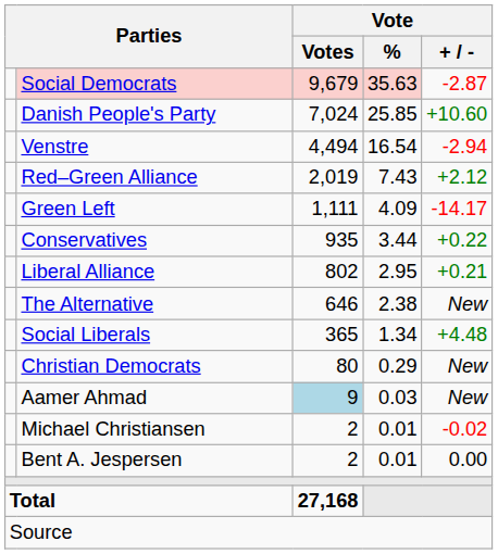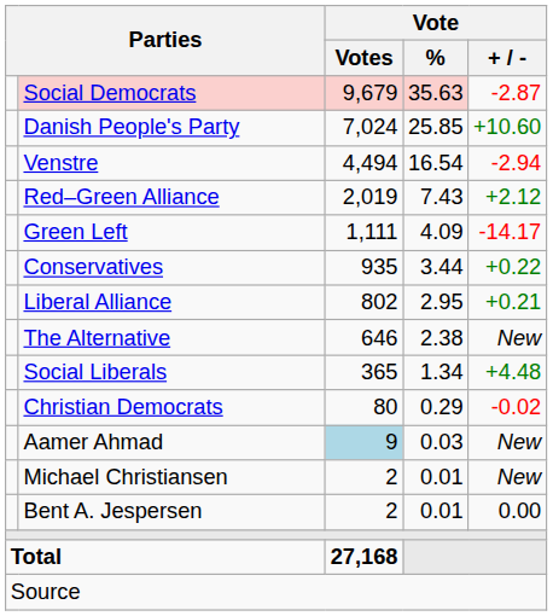 <table class="wikitable" style="text-align:right;">
 <tr>
 <th style="text-align:centre;" rowspan="2" colspan="2" width="225">Parties</th>
 <th colspan="3">Vote</th>
 </tr>
 <tr>
 <th width="15">Votes</th>
 <th width="15">%</th>
 <th width="15">+ / -</th>
 </tr>
 <tr>
 <td width="2" style="color:inherit;background:"></td>
 <td bgcolor=#fbd0ce  align="left"><a href='#'>Social Democrats</a></td>
 <td bgcolor=#fbd0ce>9,679</td>
 <td bgcolor=#fbd0ce>35.63</td>
 <td style=color:red;>-2.87</td>
 </tr>
 <tr>
 <td width="2" style="color:inherit;background:"></td>
 <td align="left"><a href='#'>Danish People's Party</a></td>
 <td>7,024</td>
 <td>25.85</td>
 <td style=color:green;>+10.60</td>
 </tr>
 <tr>
 <td width="2" style="color:inherit;background:"></td>
 <td align="left"><a href='#'>Venstre</a></td>
 <td>4,494</td>
 <td>16.54</td>
 <td style=color:red;>-2.94</td>
 </tr>
 <tr>
 <td width="2" style="color:inherit;background:"></td>
 <td align="left"><a href='#'>Red–Green Alliance</a></td>
 <td>2,019</td>
 <td>7.43</td>
 <td style=color:green;>+2.12</td>
 </tr>
 <tr>
 <td width="2" style="color:inherit;background:"></td>
 <td align="left"><a href='#'>Green Left</a></td>
 <td>1,111</td>
 <td>4.09</td>
 <td style=color:red;>-14.17</td>
 </tr>
 <tr>
 <td width="2" style="color:inherit;background:"></td>
 <td align="left"><a href='#'>Conservatives</a></td>
 <td>935</td>
 <td>3.44</td>
 <td style=color:green;>+0.22</td>
 </tr>
 <tr>
 <td width="2" style="color:inherit;background:"></td>
 <td align="left"><a href='#'>Liberal Alliance</a></td>
 <td>802</td>
 <td>2.95</td>
 <td style=color:green;>+0.21</td>
 </tr>
 <tr>
 <td width="2" style="color:inherit;background:"></td>
 <td align="left"><a href='#'>The Alternative</a></td>
 <td>646</td>
 <td>2.38</td>
 <td><em>New</em></td>
 </tr>
 <tr>
 <td width="2" style="color:inherit;background:"></td>
 <td align="left"><a href='#'>Social Liberals</a></td>
 <td>365</td>
 <td>1.34</td>
 <td style=color:green;>+4.48</td>
 </tr>
 <tr>
 <td width="2" style="color:inherit;background:"></td>
 <td align="left"><a href='#'>Christian Democrats</a></td>
 <td>80</td>
 <td>0.29</td>
-<td><em>New</em></td>
+<td style=color:red;>-0.02</td>
 </tr>
 <tr>
 <td width="2" style="color:inherit;background:"></td>
 <td align="left">Aamer Ahmad</td>
 <td style="background: lightblue;">9</td>
 <td>0.03</td>
 <td><em>New</em></td>
 </tr>
 <tr>
 <td width="2" style="color:inherit;background:"></td>
 <td align="left">Michael Christiansen</td>
 <td>2</td>
 <td>0.01</td>
-<td style=color:red;>-0.02</td>
+<td><em>New</em></td>
 </tr>
 <tr>
 <td width="2" style="color:inherit;background:"></td>
 <td align="left">Bent A. Jespersen</td>
 <td>2</td>
 <td>0.01</td>
 <td>0.00</td>
 </tr>
 <tr>
 <td colspan="7" bgcolor="#E9E9E9"></td>
 </tr>
 <tr>
 <td align="left" colspan="2"><strong>Total</strong></td>
 <td><strong>27,168</strong></td>
 <td bgcolor="#E9E9E9" colspan="2"></td>
 </tr>
 <tr>
 <td align="left" colspan="6">Source</td>
 </tr>
 </table>
